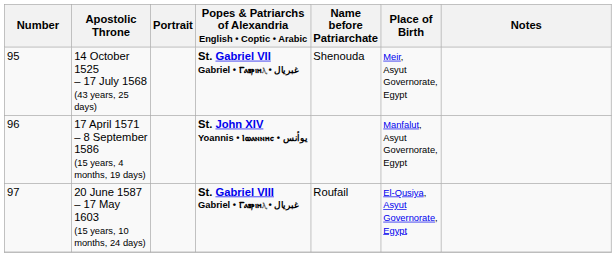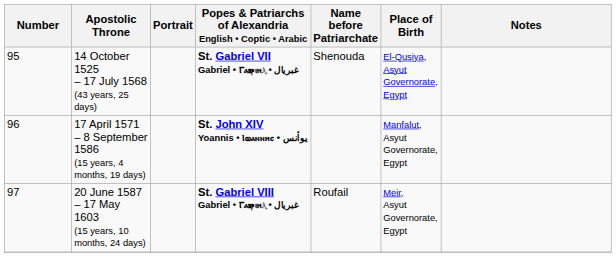 <table class="wikitable">
 <tr>
 <th>Number</th>
 <th style="width:13%;">Apostolic Throne</th>
 <th style="width:7%;">Portrait</th>
 <th style="width:19%;">Popes & Patriarchs of Alexandria<br><small>English • Coptic • Arabic</small></th>
 <th style="width:9%;">Name before Patriarchate</th>
 <th style="width:10%;">Place of Birth</th>
 <th style="width:28%;">Notes</th>
 </tr>
 <tr valign="top">
 <td>95</td>
 <td>14 October 1525<br>– 17 July 1568<br><small>(43 years, 25 days)</small></td>
 <td></td>
 <td><strong>St. <a href='#'>Gabriel VII</a></strong><br><small><strong>Gabriel • Ⲅⲁⲃⲣⲓⲏⲗ • غبريال</strong></small></td>
 <td>Shenouda</td>
-<td><small><a href='#'>Meir</a>,<br> Asyut Governorate, Egypt</small></td>
+<td><small><a href='#'>El-Qusiya</a>, <br><a href='#'>Asyut Governorate</a>, <a href='#'>Egypt</a></small></td>
 <td><small></small></td>
 </tr>
 <tr valign="top">
 <td>96</td>
 <td>17 April 1571<br>– 8 September 1586<br><small>(15 years, 4 months, 19 days)</small></td>
 <td></td>
 <td><strong>St. <a href='#'>John XIV</a></strong><br><small><strong>Yoannis • Ⲓⲱⲁⲛⲛⲏⲥ • يوأنس</strong></small></td>
 <td></td>
 <td><small> <a href='#'>Manfalut</a>,<br>Asyut Governorate, Egypt</small></td>
 <td><small></small></td>
 </tr>
 <tr valign="top">
 <td>97</td>
 <td>20 June 1587<br>– 17 May 1603<br><small>(15 years, 10 months, 24 days)</small></td>
 <td></td>
 <td><strong>St. <a href='#'>Gabriel VIII</a></strong><br><small><strong>Gabriel • Ⲅⲁⲃⲣⲓⲏⲗ • غبريال</strong></small></td>
 <td>Roufail</td>
-<td><small><a href='#'>El-Qusiya</a>, <br><a href='#'>Asyut Governorate</a>, <a href='#'>Egypt</a></small></td>
+<td><small><a href='#'>Meir</a>,<br> Asyut Governorate, Egypt</small></td>
 <td><small></small></td>
 </tr>
 <tr valign="top">
 </tr>
 </table>
